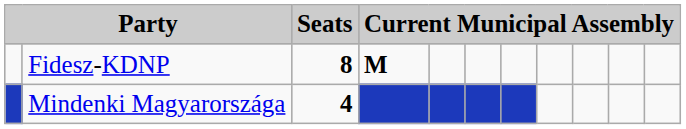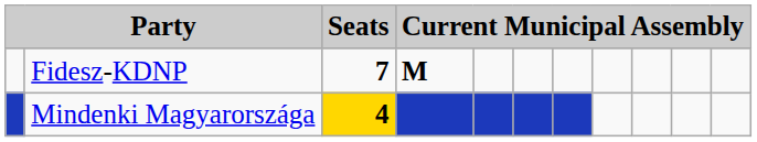 <table class="wikitable">
 <tr>
 <th style="background:#ccc" colspan="2">Party</th>
 <th style="background:#ccc">Seats</th>
 <th style="background:#ccc" colspan="8">Current Municipal Assembly</th>
 </tr>
 <tr>
 <td style="background-color: "> </td>
 <td><a href='#'>Fidesz</a>-<a href='#'>KDNP</a></td>
-<td style="text-align: right"><strong>8</strong></td>
+<td style="text-align: right"><strong>7</strong></td>
 <td style="background-color: "><span><strong>M</strong></span></td>
 <td style="background-color: "> </td>
 <td style="background-color: "> </td>
 <td style="background-color: "> </td>
 <td style="background-color: "> </td>
 <td style="background-color: "> </td>
 <td style="background-color: "> </td>
 <td style="background-color: "> </td>
 </tr>
 <tr>
 <td style="background-color: #1C39BB"> </td>
 <td><a href='#'>Mindenki Magyarországa</a></td>
-<td style="text-align: right"><strong>4</strong></td>
+<td style="background: gold; text-align: right"><strong>4</strong></td>
 <td style="background-color: #1C39BB"> </td>
 <td style="background-color: #1C39BB"> </td>
 <td style="background-color: #1C39BB"> </td>
 <td style="background-color: #1C39BB"> </td>
 <td> </td>
 <td> </td>
 <td> </td>
 <td> </td>
 </tr>
 </table>
